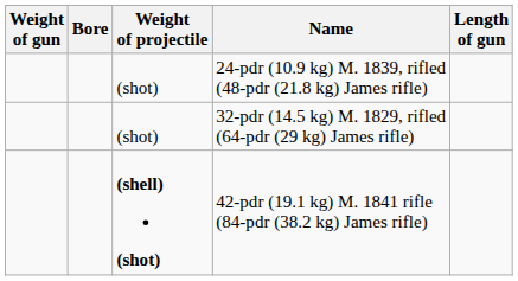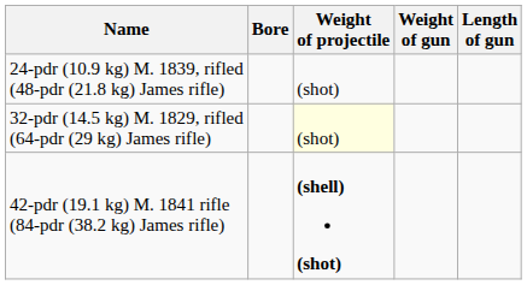 <table class="wikitable">
 <tr>
-<th>Weight<br>of gun</th>
+<th>Name</th>
 <th>Bore</th>
 <th>Weight<br>of projectile</th>
-<th>Name</th>
+<th>Weight<br>of gun</th>
 <th>Length<br>of gun</th>
 </tr>
 <tr>
-<td></td>
+<td>24-pdr (10.9 kg) M. 1839, rifled<br>(48-pdr (21.8 kg) James rifle)</td>
 <td></td>
 <td><br>(shot)</td>
-<td>24-pdr (10.9 kg) M. 1839, rifled<br>(48-pdr (21.8 kg) James rifle)</td>
+<td></td>
 <td></td>
 </tr>
 <tr>
+<td>32-pdr (14.5 kg) M. 1829, rifled<br>(64-pdr (29 kg) James rifle)</td>
 <td></td>
+<td style="background: lightyellow;"><br>(shot)</td>
 <td></td>
-<td><br>(shot)</td>
-<td>32-pdr (14.5 kg) M. 1829, rifled<br>(64-pdr (29 kg) James rifle)</td>
 <td></td>
 </tr>
 <tr>
-<td></td>
+<td>42-pdr (19.1 kg) M. 1841 rifle<br>(84-pdr (38.2 kg) James rifle)</td>
 <td></td>
 <td><strong><br>(shell)<ul><li></li></ul>(shot)</strong></td>
-<td>42-pdr (19.1 kg) M. 1841 rifle<br>(84-pdr (38.2 kg) James rifle)</td>
+<td></td>
 <td></td>
 </tr>
 </table>
